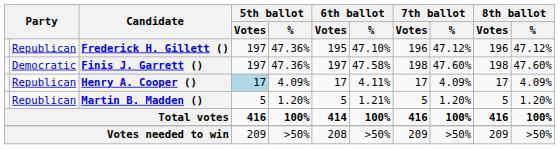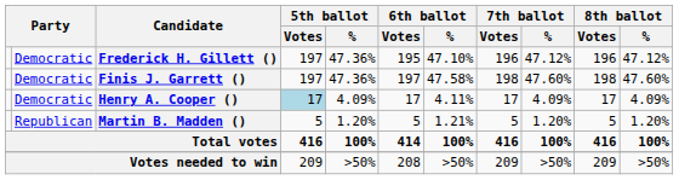 <table class="wikitable plainrowheaders" style="text-align: right;">
 <tr>
 <th colspan="2" rowspan="2" scope="col">Party</th>
 <th rowspan="2" scope="col">Candidate</th>
 <th colspan="2" scope="col">5th ballot</th>
 <th colspan="2" scope="col">6th ballot</th>
 <th colspan="2" scope="col">7th ballot</th>
 <th colspan="2" scope="col">8th ballot</th>
 </tr>
 <tr>
 <th scope="col">Votes</th>
 <th scope="col">%</th>
 <th scope="col">Votes</th>
 <th scope="col">%</th>
 <th scope="col">Votes</th>
 <th scope="col">%</th>
 <th scope="col">Votes</th>
 <th scope="col">%</th>
 </tr>
 <tr>
 <td style="background-color:"></td>
-<td><a href='#'>Republican</a></td>
+<td><a href='#'>Democratic</a></td>
 <th scope="row" style="text-align: left;"><a href='#'>Frederick H. Gillett</a> ()</th>
 <td>197</td>
 <td>47.36%</td>
 <td>195</td>
 <td>47.10%</td>
 <td>196</td>
 <td>47.12%</td>
 <td>196</td>
 <td>47.12%</td>
 </tr>
 <tr>
 <td style="background-color:"></td>
 <td><a href='#'>Democratic</a></td>
 <th scope="row" style="text-align: left;"><a href='#'>Finis J. Garrett</a> ()</th>
 <td>197</td>
 <td>47.36%</td>
 <td>197</td>
 <td>47.58%</td>
 <td>198</td>
 <td>47.60%</td>
 <td>198</td>
 <td>47.60%</td>
 </tr>
 <tr>
 <td style="background-color:"></td>
-<td><a href='#'>Republican</a></td>
+<td><a href='#'>Democratic</a></td>
 <th scope="row" style="text-align: left;"><a href='#'>Henry A. Cooper</a> ()</th>
 <td style="background: lightblue;">17</td>
 <td>4.09%</td>
 <td>17</td>
 <td>4.11%</td>
 <td>17</td>
 <td>4.09%</td>
 <td>17</td>
 <td>4.09%</td>
 </tr>
 <tr>
 <td style="background-color:"></td>
 <td><a href='#'>Republican</a></td>
 <th scope="row" style="text-align: left;"><a href='#'>Martin B. Madden</a> ()</th>
 <td>5</td>
 <td>1.20%</td>
 <td>5</td>
 <td>1.21%</td>
 <td>5</td>
 <td>1.20%</td>
 <td>5</td>
 <td>1.20%</td>
 </tr>
 <tr>
 <th colspan="3" scope="row" style="text-align: right;">Total votes</th>
 <td><strong>416</strong></td>
 <td><strong>100%</strong></td>
 <td><strong>414</strong></td>
 <td><strong>100%</strong></td>
 <td><strong>416</strong></td>
 <td><strong>100%</strong></td>
 <td><strong>416</strong></td>
 <td><strong>100%</strong></td>
 </tr>
 <tr>
 </tr>
 <tr>
 <th colspan="3" scope="row" style="text-align: right;">Votes needed to win</th>
 <td>209</td>
 <td>>50%</td>
 <td>208</td>
 <td>>50%</td>
 <td>209</td>
 <td>>50%</td>
 <td>209</td>
 <td>>50%</td>
 </tr>
 </table>
